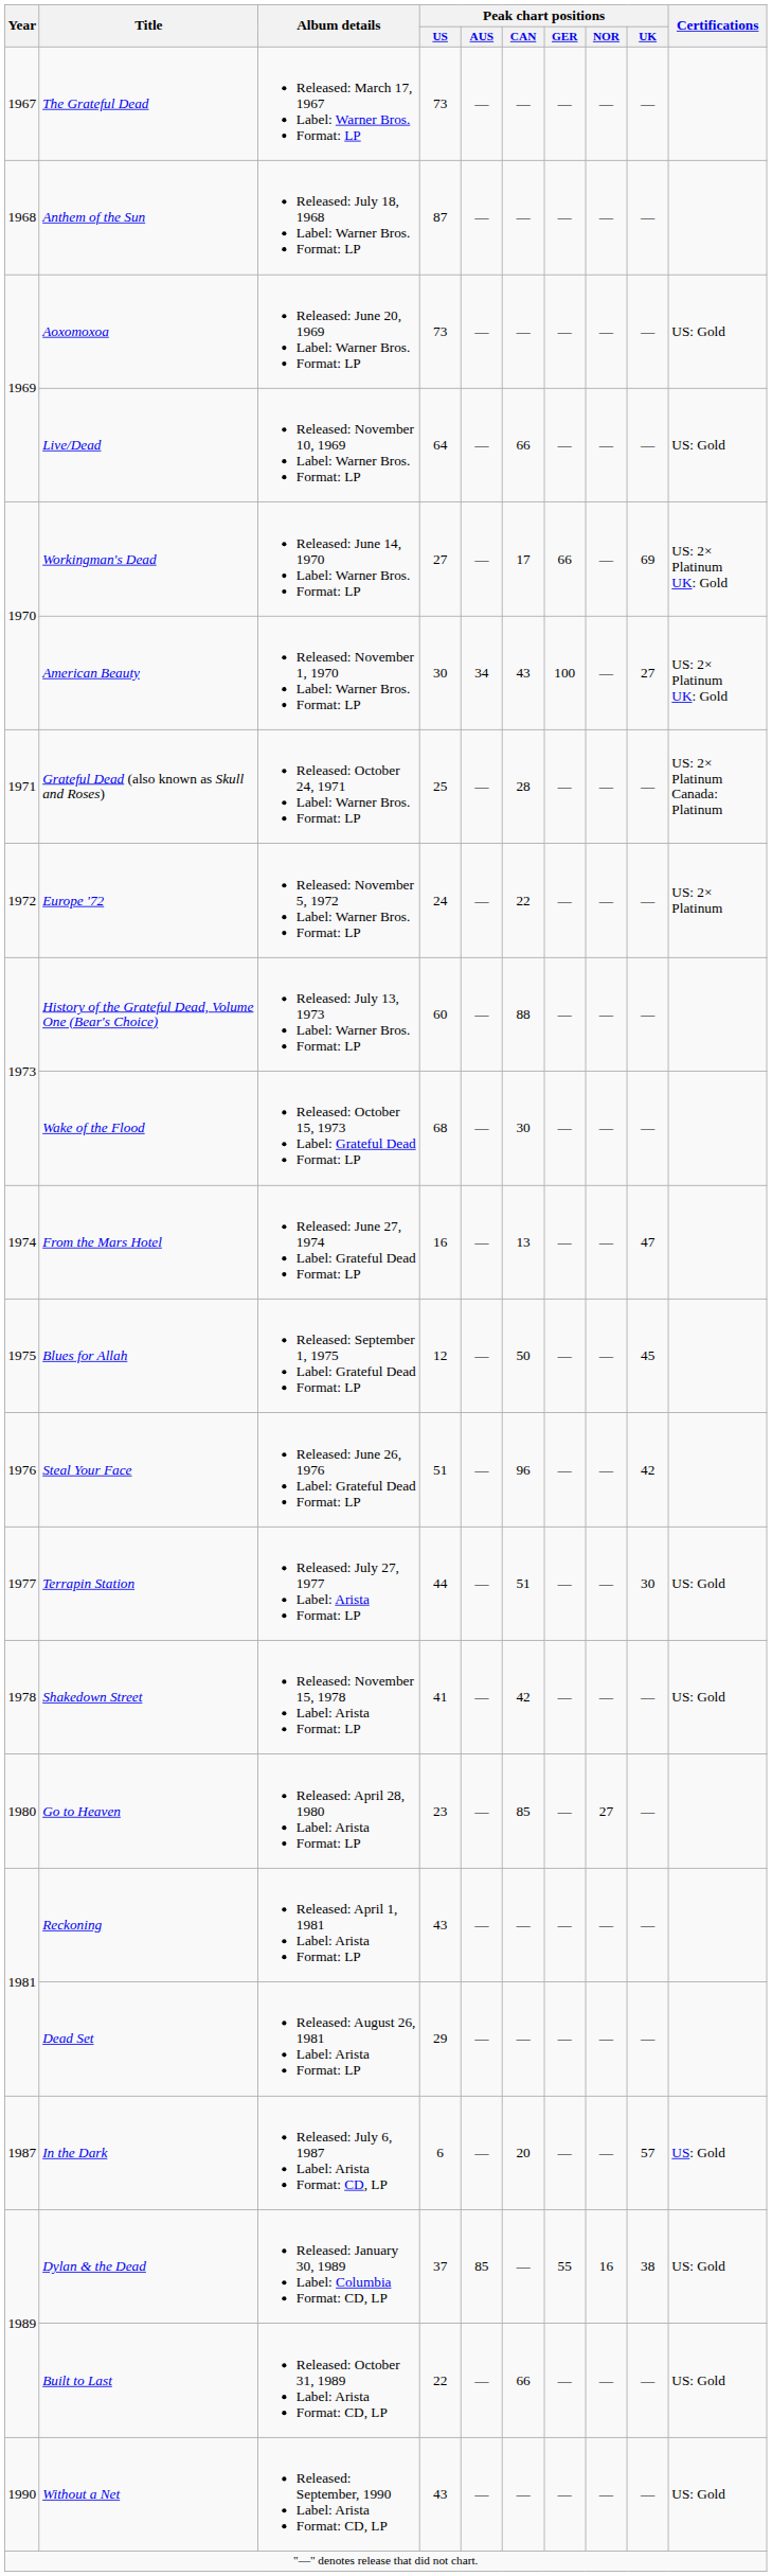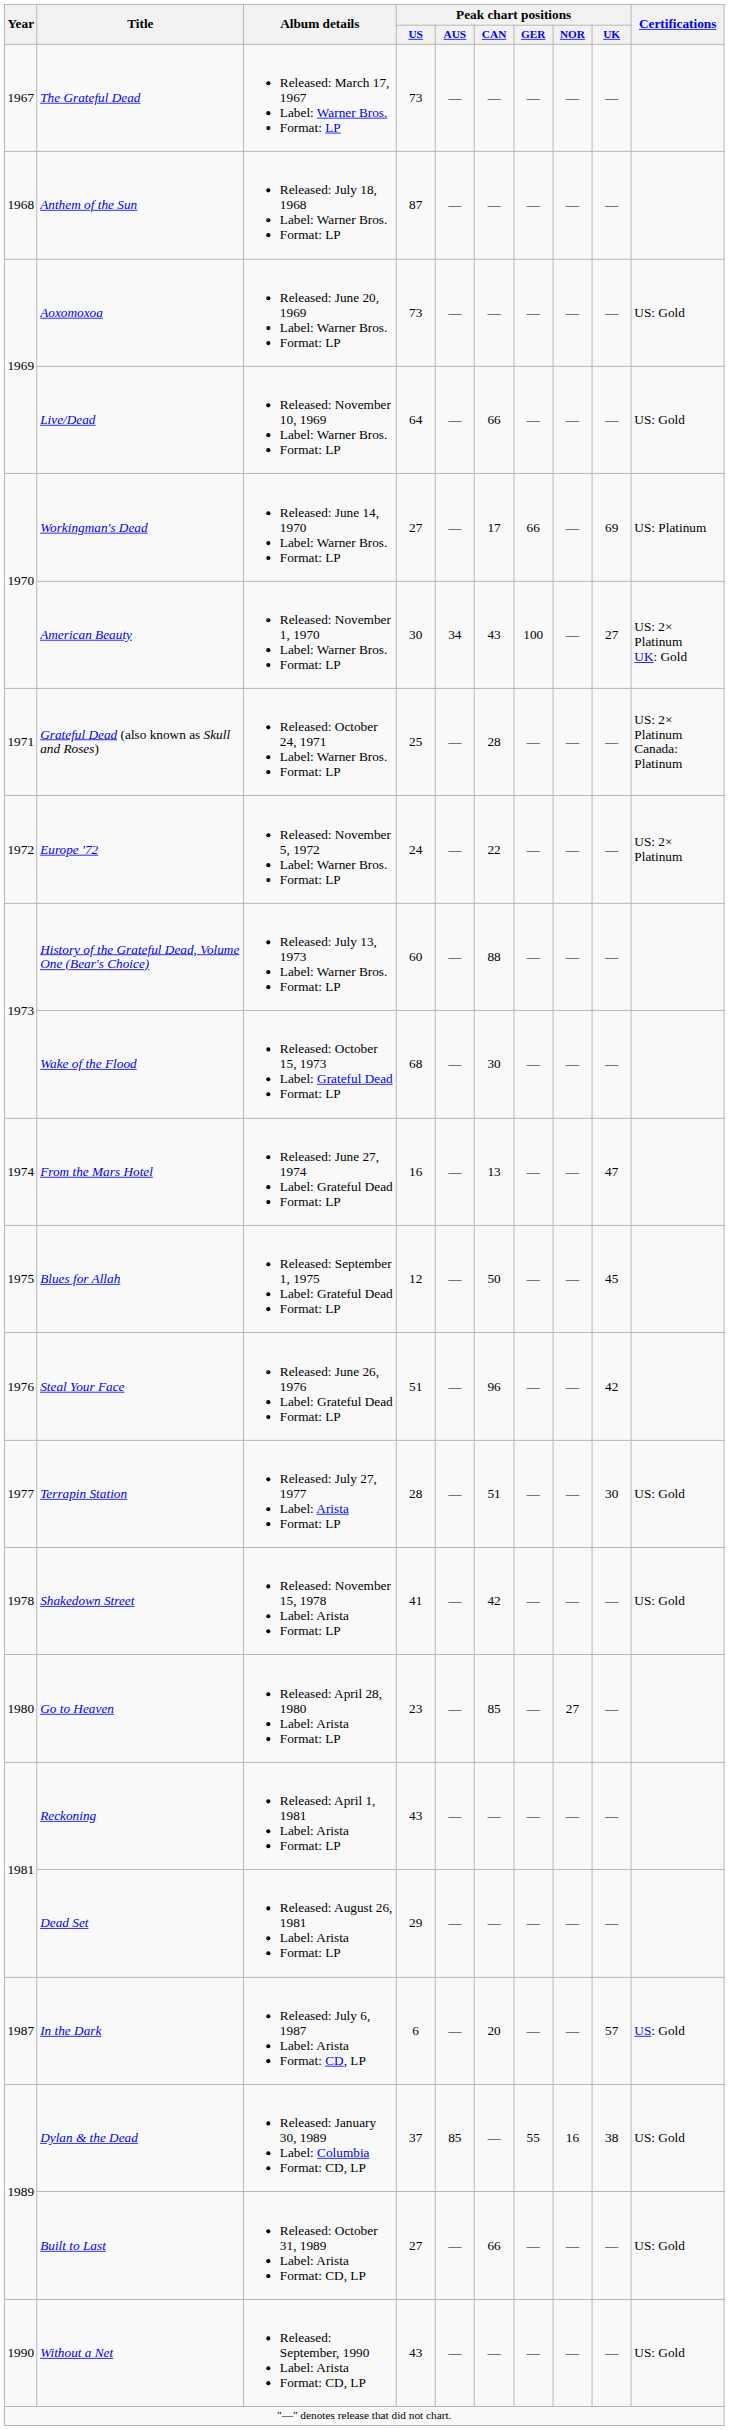 <table class="wikitable">
 <tr>
 <th scope="col" rowspan="2">Year</th>
 <th scope="col" rowspan="2">Title</th>
 <th scope="col" rowspan="2">Album details</th>
 <th scope="col" colspan="6">Peak chart positions</th>
 <th scope="col" rowspan="2"><a href='#'>Certifications</a></th>
 </tr>
 <tr>
 <th scope="col" style="width:3em;font-size:85%"><a href='#'>US</a><br></th>
 <th scope="col" style="width:3em;font-size:85%"><a href='#'>AUS</a><br></th>
 <th scope="col" style="width:3em;font-size:85%"><a href='#'>CAN</a><br></th>
 <th scope="col" style="width:3em;font-size:85%"><a href='#'>GER</a><br></th>
 <th scope="col" style="width:3em;font-size:85%"><a href='#'>NOR</a><br></th>
 <th scope="col" style="width:3em;font-size:85%"><a href='#'>UK</a><br></th>
 </tr>
 <tr>
 <td>1967</td>
 <td><em><a href='#'>The Grateful Dead</a></em></td>
 <td><br><ul><li>Released: March 17, 1967</li><li>Label: <a href='#'>Warner Bros.</a></li><li>Format: <a href='#'>LP</a></li></ul></td>
 <td style="text-align:center;">73</td>
 <td style="text-align:center;">—</td>
 <td style="text-align:center;">—</td>
 <td style="text-align:center;">—</td>
 <td style="text-align:center;">—</td>
 <td style="text-align:center;">—</td>
 <td></td>
 </tr>
 <tr>
 <td>1968</td>
 <td><em><a href='#'>Anthem of the Sun</a></em></td>
 <td><br><ul><li>Released: July 18, 1968</li><li>Label: Warner Bros.</li><li>Format: LP</li></ul></td>
 <td style="text-align:center;">87</td>
 <td style="text-align:center;">—</td>
 <td style="text-align:center;">—</td>
 <td style="text-align:center;">—</td>
 <td style="text-align:center;">—</td>
 <td style="text-align:center;">—</td>
 <td></td>
 </tr>
 <tr>
 <td rowspan="2">1969</td>
 <td><em><a href='#'>Aoxomoxoa</a></em></td>
 <td><br><ul><li>Released: June 20, 1969</li><li>Label: Warner Bros.</li><li>Format: LP</li></ul></td>
 <td style="text-align:center;">73</td>
 <td style="text-align:center;">—</td>
 <td style="text-align:center;">—</td>
 <td style="text-align:center;">—</td>
 <td style="text-align:center;">—</td>
 <td style="text-align:center;">—</td>
 <td>US: Gold</td>
 </tr>
 <tr>
 <td><em><a href='#'>Live/Dead</a></em></td>
 <td><br><ul><li>Released: November 10, 1969</li><li>Label: Warner Bros.</li><li>Format: LP</li></ul></td>
 <td style="text-align:center;">64</td>
 <td style="text-align:center;">—</td>
 <td style="text-align:center;">66</td>
 <td style="text-align:center;">—</td>
 <td style="text-align:center;">—</td>
 <td style="text-align:center;">—</td>
 <td>US: Gold</td>
 </tr>
 <tr>
 <td rowspan="2">1970</td>
 <td><em><a href='#'>Workingman's Dead</a></em></td>
 <td><br><ul><li>Released: June 14, 1970</li><li>Label: Warner Bros.</li><li>Format: LP</li></ul></td>
 <td style="text-align:center;">27</td>
 <td style="text-align:center;">—</td>
 <td style="text-align:center;">17</td>
 <td style="text-align:center;">66</td>
 <td style="text-align:center;">—</td>
 <td style="text-align:center;">69</td>
-<td><br>US: 2× Platinum<br> <a href='#'>UK</a>: Gold</td>
+<td>US: Platinum</td>
 </tr>
 <tr>
 <td><em><a href='#'>American Beauty</a></em></td>
 <td><br><ul><li>Released: November 1, 1970</li><li>Label: Warner Bros.</li><li>Format: LP</li></ul></td>
 <td style="text-align:center;">30</td>
 <td style="text-align:center;">34</td>
 <td style="text-align:center;">43</td>
 <td style="text-align:center;">100</td>
 <td style="text-align:center;">—</td>
 <td style="text-align:center;">27</td>
 <td><br>US: 2× Platinum<br> <a href='#'>UK</a>: Gold</td>
 </tr>
 <tr>
 <td>1971</td>
 <td><em><a href='#'>Grateful Dead</a></em> (also known as <em>Skull and Roses</em>)</td>
 <td><br><ul><li>Released: October 24, 1971</li><li>Label: Warner Bros.</li><li>Format: LP</li></ul></td>
 <td style="text-align:center;">25</td>
 <td style="text-align:center;">—</td>
 <td style="text-align:center;">28</td>
 <td style="text-align:center;">—</td>
 <td style="text-align:center;">—</td>
 <td style="text-align:center;">—</td>
 <td>US: 2× Platinum<br>Canada: Platinum</td>
 </tr>
 <tr>
 <td>1972</td>
 <td><em><a href='#'>Europe '72</a></em></td>
 <td><br><ul><li>Released: November 5, 1972</li><li>Label: Warner Bros.</li><li>Format: LP</li></ul></td>
 <td style="text-align:center;">24</td>
 <td style="text-align:center;">—</td>
 <td style="text-align:center;">22</td>
 <td style="text-align:center;">—</td>
 <td style="text-align:center;">—</td>
 <td style="text-align:center;">—</td>
 <td>US: 2× Platinum</td>
 </tr>
 <tr>
 <td rowspan="2">1973</td>
 <td><em><a href='#'>History of the Grateful Dead, Volume One (Bear's Choice)</a></em></td>
 <td><br><ul><li>Released: July 13, 1973</li><li>Label: Warner Bros.</li><li>Format: LP</li></ul></td>
 <td style="text-align:center;">60</td>
 <td style="text-align:center;">—</td>
 <td style="text-align:center;">88</td>
 <td style="text-align:center;">—</td>
 <td style="text-align:center;">—</td>
 <td style="text-align:center;">—</td>
 <td></td>
 </tr>
 <tr>
 <td><em><a href='#'>Wake of the Flood</a></em></td>
 <td><br><ul><li>Released: October 15, 1973</li><li>Label: <a href='#'>Grateful Dead</a></li><li>Format: LP</li></ul></td>
 <td style="text-align:center;">68</td>
 <td style="text-align:center;">—</td>
 <td style="text-align:center;">30</td>
 <td style="text-align:center;">—</td>
 <td style="text-align:center;">—</td>
 <td style="text-align:center;">—</td>
 <td></td>
 </tr>
 <tr>
 <td>1974</td>
 <td><em><a href='#'>From the Mars Hotel</a></em></td>
 <td><br><ul><li>Released: June 27, 1974</li><li>Label: Grateful Dead</li><li>Format: LP</li></ul></td>
 <td style="text-align:center;">16</td>
 <td style="text-align:center;">—</td>
 <td style="text-align:center;">13</td>
 <td style="text-align:center;">—</td>
 <td style="text-align:center;">—</td>
 <td style="text-align:center;">47</td>
 <td></td>
 </tr>
 <tr>
 <td>1975</td>
 <td><em><a href='#'>Blues for Allah</a></em></td>
 <td><br><ul><li>Released: September 1, 1975</li><li>Label: Grateful Dead</li><li>Format: LP</li></ul></td>
 <td style="text-align:center;">12</td>
 <td style="text-align:center;">—</td>
 <td style="text-align:center;">50</td>
 <td style="text-align:center;">—</td>
 <td style="text-align:center;">—</td>
 <td style="text-align:center;">45</td>
 <td></td>
 </tr>
 <tr>
 <td>1976</td>
 <td><em><a href='#'>Steal Your Face</a></em></td>
 <td><br><ul><li>Released: June 26, 1976</li><li>Label: Grateful Dead</li><li>Format: LP</li></ul></td>
 <td style="text-align:center;">51</td>
 <td style="text-align:center;">—</td>
 <td style="text-align:center;">96</td>
 <td style="text-align:center;">—</td>
 <td style="text-align:center;">—</td>
 <td style="text-align:center;">42</td>
 <td></td>
 </tr>
 <tr>
 <td>1977</td>
 <td><em><a href='#'>Terrapin Station</a></em></td>
 <td><br><ul><li>Released: July 27, 1977</li><li>Label: <a href='#'>Arista</a></li><li>Format: LP</li></ul></td>
-<td style="text-align:center;">44</td>
+<td style="text-align:center;">28</td>
 <td style="text-align:center;">—</td>
 <td style="text-align:center;">51</td>
 <td style="text-align:center;">—</td>
 <td style="text-align:center;">—</td>
 <td style="text-align:center;">30</td>
 <td>US: Gold</td>
 </tr>
 <tr>
 <td>1978</td>
 <td><em><a href='#'>Shakedown Street</a></em></td>
 <td><br><ul><li>Released: November 15, 1978</li><li>Label: Arista</li><li>Format: LP</li></ul></td>
 <td style="text-align:center;">41</td>
 <td style="text-align:center;">—</td>
 <td style="text-align:center;">42</td>
 <td style="text-align:center;">—</td>
 <td style="text-align:center;">—</td>
 <td style="text-align:center;">—</td>
 <td>US: Gold</td>
 </tr>
 <tr>
 <td>1980</td>
 <td><em><a href='#'>Go to Heaven</a></em></td>
 <td><br><ul><li>Released: April 28, 1980</li><li>Label: Arista</li><li>Format: LP</li></ul></td>
 <td style="text-align:center;">23</td>
 <td style="text-align:center;">—</td>
 <td style="text-align:center;">85</td>
 <td style="text-align:center;">—</td>
 <td style="text-align:center;">27</td>
 <td style="text-align:center;">—</td>
 <td></td>
 </tr>
 <tr>
 <td rowspan="2">1981</td>
 <td><em><a href='#'>Reckoning</a></em></td>
 <td><br><ul><li>Released: April 1, 1981</li><li>Label: Arista</li><li>Format: LP</li></ul></td>
 <td style="text-align:center;">43</td>
 <td style="text-align:center;">—</td>
 <td style="text-align:center;">—</td>
 <td style="text-align:center;">—</td>
 <td style="text-align:center;">—</td>
 <td style="text-align:center;">—</td>
 <td></td>
 </tr>
 <tr>
 <td><em><a href='#'>Dead Set</a></em></td>
 <td><br><ul><li>Released: August 26, 1981</li><li>Label: Arista</li><li>Format: LP</li></ul></td>
 <td style="text-align:center;">29</td>
 <td style="text-align:center;">—</td>
 <td style="text-align:center;">—</td>
 <td style="text-align:center;">—</td>
 <td style="text-align:center;">—</td>
 <td style="text-align:center;">—</td>
 <td></td>
 </tr>
 <tr>
 <td>1987</td>
 <td><em><a href='#'>In the Dark</a></em></td>
 <td><br><ul><li>Released: July 6, 1987</li><li>Label: Arista</li><li>Format: <a href='#'>CD</a>, LP</li></ul></td>
 <td style="text-align:center;">6</td>
 <td style="text-align:center;">—</td>
 <td style="text-align:center;">20</td>
 <td style="text-align:center;">—</td>
 <td style="text-align:center;">—</td>
 <td style="text-align:center;">57</td>
 <td><a href='#'>US</a>: Gold</td>
 </tr>
 <tr>
 <td rowspan="2">1989</td>
 <td><em><a href='#'>Dylan & the Dead</a></em></td>
 <td><br><ul><li>Released: January 30, 1989</li><li>Label: <a href='#'>Columbia</a></li><li>Format: CD, LP</li></ul></td>
 <td style="text-align:center;">37</td>
 <td style="text-align:center;">85</td>
 <td style="text-align:center;">—</td>
 <td style="text-align:center;">55</td>
 <td style="text-align:center;">16</td>
 <td style="text-align:center;">38</td>
 <td>US: Gold</td>
 </tr>
 <tr>
 <td><em><a href='#'>Built to Last</a></em></td>
 <td><br><ul><li>Released: October 31, 1989</li><li>Label: Arista</li><li>Format: CD, LP</li></ul></td>
-<td style="text-align:center;">22</td>
+<td style="text-align:center;">27</td>
 <td style="text-align:center;">—</td>
 <td style="text-align:center;">66</td>
 <td style="text-align:center;">—</td>
 <td style="text-align:center;">—</td>
 <td style="text-align:center;">—</td>
 <td>US: Gold</td>
 </tr>
 <tr>
 <td>1990</td>
 <td><em><a href='#'>Without a Net</a></em></td>
 <td><br><ul><li>Released: September, 1990</li><li>Label: Arista</li><li>Format: CD, LP</li></ul></td>
 <td style="text-align:center;">43</td>
 <td style="text-align:center;">—</td>
 <td style="text-align:center;">—</td>
 <td style="text-align:center;">—</td>
 <td style="text-align:center;">—</td>
 <td style="text-align:center;">—</td>
 <td>US: Gold</td>
 </tr>
 <tr>
 <td colspan="27" style="text-align:center; font-size:85%">"—" denotes release that did not chart.</td>
 </tr>
 </table>
